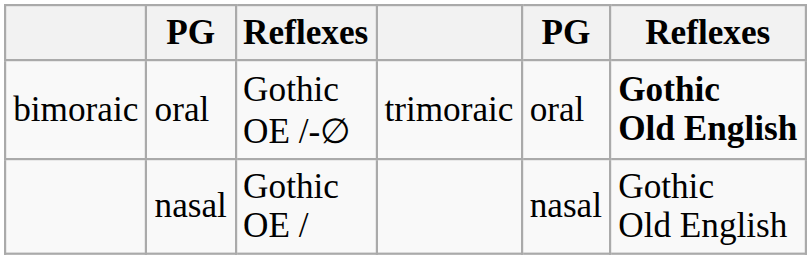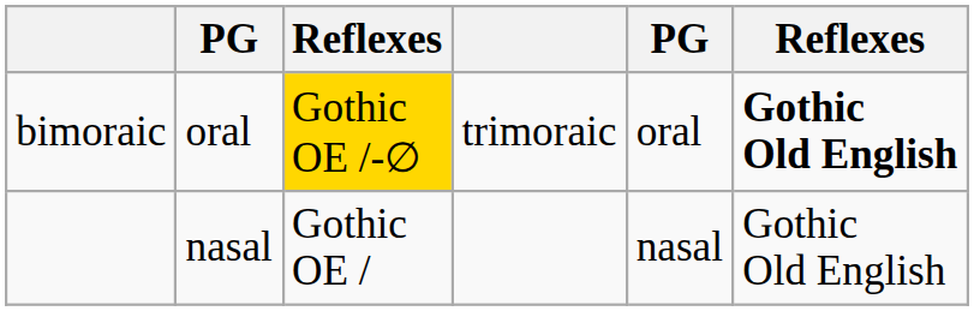 <table class="wikitable">
 <tr>
 <th></th>
 <th>PG</th>
 <th>Reflexes</th>
 <th></th>
 <th>PG</th>
 <th>Reflexes</th>
 </tr>
 <tr>
 <td>bimoraic</td>
 <td>oral </td>
-<td>Gothic <br>OE /-∅</td>
+<td style="background: gold;">Gothic <br>OE /-∅</td>
 <td>trimoraic</td>
 <td>oral </td>
 <td><strong>Gothic <br>Old English </strong></td>
 </tr>
 <tr>
 <td></td>
 <td>nasal </td>
 <td>Gothic <br>OE /</td>
 <td></td>
 <td>nasal </td>
 <td>Gothic <br>Old English </td>
 </tr>
 </table>
